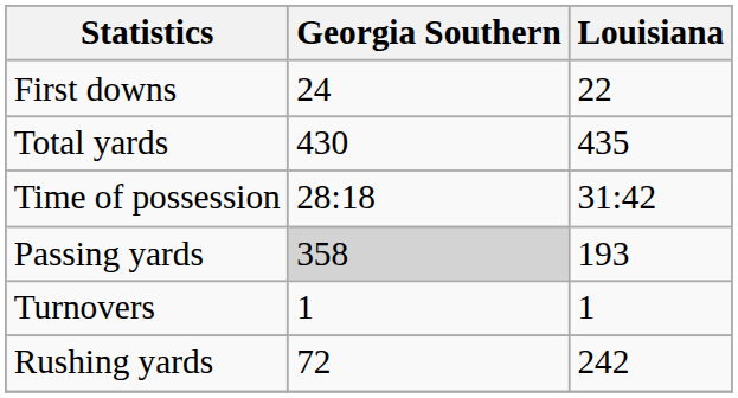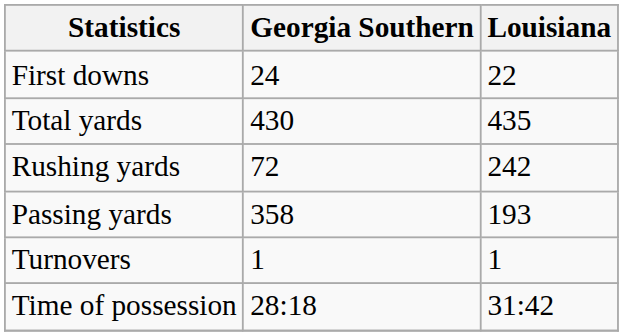 <table class="wikitable">
 <tr>
 <th>Statistics</th>
 <th>Georgia Southern</th>
 <th>Louisiana</th>
 </tr>
 <tr>
 <td>First downs</td>
 <td>24</td>
 <td>22</td>
 </tr>
 <tr>
 <td>Total yards</td>
 <td>430</td>
 <td>435</td>
 </tr>
 <tr>
-<td>Time of possession</td>
-<td>28:18</td>
-<td>31:42</td>
+<td>Rushing yards</td>
+<td>72</td>
+<td>242</td>
 </tr>
 <tr>
 <td>Passing yards</td>
-<td style="background: lightgrey;">358</td>
+<td>358</td>
 <td>193</td>
 </tr>
 <tr>
 <td>Turnovers</td>
 <td>1</td>
 <td>1</td>
 </tr>
 <tr>
-<td>Rushing yards</td>
-<td>72</td>
-<td>242</td>
+<td>Time of possession</td>
+<td>28:18</td>
+<td>31:42</td>
 </tr>
 <tr>
 </tr>
 </table>
